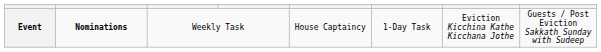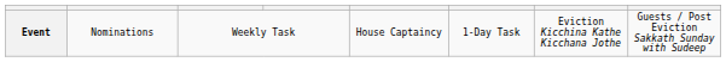 <table class="wikitable" style="text-align:center; font-size:89%; line-height:13px;">
 <tr>
 <th style="width: 4%;"></th>
 <th style="width: 6%;"></th>
 <th style="width: 6%;"></th>
 <th style="width: 6%;"></th>
 <th style="width: 6%;"></th>
 <th style="width: 6%;"></th>
 <th style="width: 6%;"></th>
 <th style="width: 6%;"></th>
 </tr>
 <tr>
 <th>Event</th>
-<td><strong>Nominations</strong></td>
+<td>Nominations</td>
 <td colspan="2">Weekly Task</td>
 <td>House Captaincy</td>
 <td>1-Day Task</td>
 <td>Eviction <br> <em>Kicchina Kathe Kicchana Jothe</em></td>
 <td>Guests / Post Eviction <br> <em>Sakkath Sunday with Sudeep</em></td>
 </tr>
 </table>
